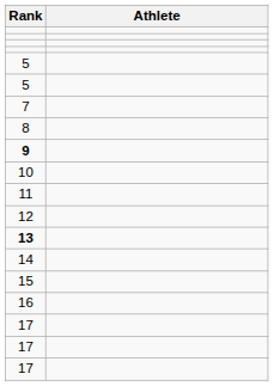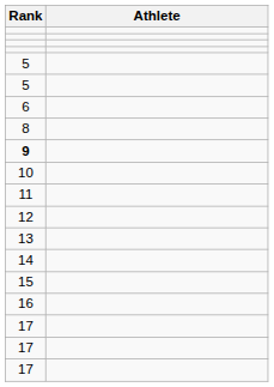 <table class="wikitable" style="text-align: center;">
 <tr>
 <th width=40>Rank</th>
 <th width=250>Athlete</th>
 </tr>
 <tr>
 <td></td>
 <td align="left"></td>
 </tr>
 <tr>
 <td></td>
 <td align="left"></td>
 </tr>
 <tr>
 <td></td>
 <td align="left"></td>
 </tr>
 <tr>
 <td></td>
 <td align="left"></td>
 </tr>
 <tr>
 <td>5</td>
 <td align="left"></td>
 </tr>
 <tr>
 <td>5</td>
 <td align="left"></td>
 </tr>
 <tr>
-<td>7</td>
+<td>6</td>
 <td align="left"></td>
 </tr>
 <tr>
 <td>8</td>
 <td align="left"></td>
 </tr>
 <tr>
 <td><strong>9</strong></td>
 <td align="left"></td>
 </tr>
 <tr>
 <td>10</td>
 <td align="left"></td>
 </tr>
 <tr>
 <td>11</td>
 <td align="left"></td>
 </tr>
 <tr>
 <td>12</td>
 <td align="left"></td>
 </tr>
 <tr>
-<td><strong>13</strong></td>
+<td>13</td>
 <td align="left"></td>
 </tr>
 <tr>
 <td>14</td>
 <td align="left"></td>
 </tr>
 <tr>
 <td>15</td>
 <td align="left"></td>
 </tr>
 <tr>
 <td>16</td>
 <td align="left"></td>
 </tr>
 <tr>
 <td>17</td>
 <td align="left"></td>
 </tr>
 <tr>
 <td>17</td>
 <td align="left"></td>
 </tr>
 <tr>
 <td>17</td>
 <td align="left"></td>
 </tr>
 </table>
